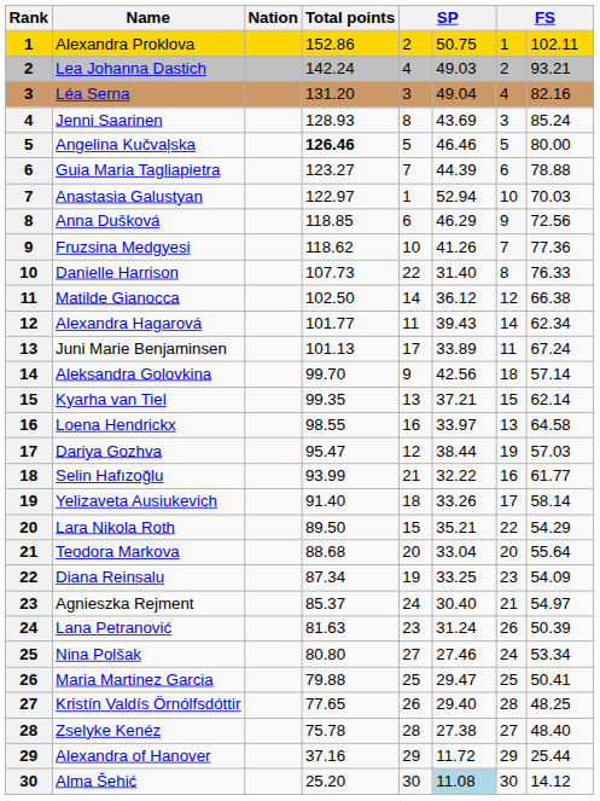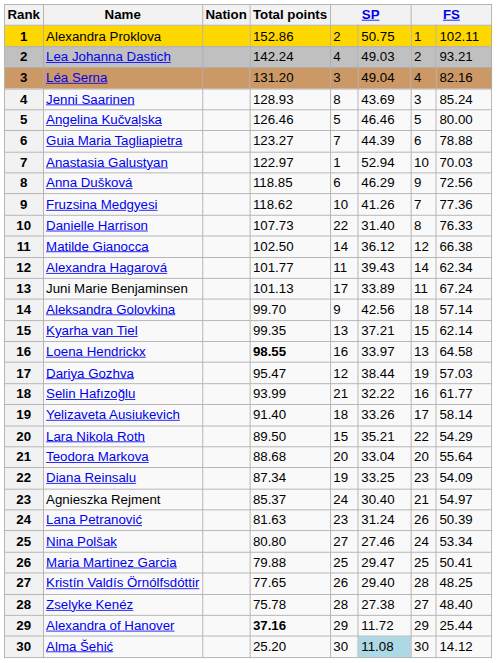 <table class="wikitable sortable">
 <tr>
 <th>Rank</th>
 <th>Name</th>
 <th>Nation</th>
 <th>Total points</th>
 <th colspan="2" width="90px"><a href='#'>SP</a></th>
 <th colspan="2" width="90px"><a href='#'>FS</a></th>
 </tr>
 <tr bgcolor="gold">
 <td align="center"><strong>1</strong></td>
 <td>Alexandra Proklova</td>
 <td></td>
 <td>152.86</td>
 <td>2</td>
 <td>50.75</td>
 <td>1</td>
 <td>102.11</td>
 </tr>
 <tr bgcolor="silver">
 <td align="center"><strong>2</strong></td>
 <td><a href='#'>Lea Johanna Dastich</a></td>
 <td></td>
 <td>142.24</td>
 <td>4</td>
 <td>49.03</td>
 <td>2</td>
 <td>93.21</td>
 </tr>
 <tr bgcolor="#cc9966">
 <td align="center"><strong>3</strong></td>
 <td><a href='#'>Léa Serna</a></td>
 <td></td>
 <td>131.20</td>
 <td>3</td>
 <td>49.04</td>
 <td>4</td>
 <td>82.16</td>
 </tr>
 <tr>
 <th>4</th>
 <td><a href='#'>Jenni Saarinen</a></td>
 <td></td>
 <td>128.93</td>
 <td>8</td>
 <td>43.69</td>
 <td>3</td>
 <td>85.24</td>
 </tr>
 <tr>
 <th>5</th>
 <td><a href='#'>Angelina Kučvaļska</a></td>
 <td></td>
-<td><strong>126.46</strong></td>
+<td>126.46</td>
 <td>5</td>
 <td>46.46</td>
 <td>5</td>
 <td>80.00</td>
 </tr>
 <tr>
 <th>6</th>
 <td><a href='#'>Guia Maria Tagliapietra</a></td>
 <td></td>
 <td>123.27</td>
 <td>7</td>
 <td>44.39</td>
 <td>6</td>
 <td>78.88</td>
 </tr>
 <tr>
 <th>7</th>
 <td><a href='#'>Anastasia Galustyan</a></td>
 <td></td>
 <td>122.97</td>
 <td>1</td>
 <td>52.94</td>
 <td>10</td>
 <td>70.03</td>
 </tr>
 <tr>
 <th>8</th>
 <td><a href='#'>Anna Dušková</a></td>
 <td></td>
 <td>118.85</td>
 <td>6</td>
 <td>46.29</td>
 <td>9</td>
 <td>72.56</td>
 </tr>
 <tr>
 <th>9</th>
 <td><a href='#'>Fruzsina Medgyesi</a></td>
 <td></td>
 <td>118.62</td>
 <td>10</td>
 <td>41.26</td>
 <td>7</td>
 <td>77.36</td>
 </tr>
 <tr>
 <th>10</th>
 <td><a href='#'>Danielle Harrison</a></td>
 <td></td>
 <td>107.73</td>
 <td>22</td>
 <td>31.40</td>
 <td>8</td>
 <td>76.33</td>
 </tr>
 <tr>
 <th>11</th>
 <td><a href='#'>Matilde Gianocca</a></td>
 <td></td>
 <td>102.50</td>
 <td>14</td>
 <td>36.12</td>
 <td>12</td>
 <td>66.38</td>
 </tr>
 <tr>
 <th>12</th>
 <td><a href='#'>Alexandra Hagarová</a></td>
 <td></td>
 <td>101.77</td>
 <td>11</td>
 <td>39.43</td>
 <td>14</td>
 <td>62.34</td>
 </tr>
 <tr>
 <th>13</th>
 <td>Juni Marie Benjaminsen</td>
 <td></td>
 <td>101.13</td>
 <td>17</td>
 <td>33.89</td>
 <td>11</td>
 <td>67.24</td>
 </tr>
 <tr>
 <th>14</th>
 <td><a href='#'>Aleksandra Golovkina</a></td>
 <td></td>
 <td>99.70</td>
 <td>9</td>
 <td>42.56</td>
 <td>18</td>
 <td>57.14</td>
 </tr>
 <tr>
 <th>15</th>
 <td><a href='#'>Kyarha van Tiel</a></td>
 <td></td>
 <td>99.35</td>
 <td>13</td>
 <td>37.21</td>
 <td>15</td>
 <td>62.14</td>
 </tr>
 <tr>
 <th>16</th>
 <td><a href='#'>Loena Hendrickx</a></td>
 <td></td>
-<td>98.55</td>
+<td><strong>98.55</strong></td>
 <td>16</td>
 <td>33.97</td>
 <td>13</td>
 <td>64.58</td>
 </tr>
 <tr>
 <th>17</th>
 <td><a href='#'>Dariya Gozhva</a></td>
 <td></td>
 <td>95.47</td>
 <td>12</td>
 <td>38.44</td>
 <td>19</td>
 <td>57.03</td>
 </tr>
 <tr>
 <th>18</th>
 <td><a href='#'>Selin Hafızoğlu</a></td>
 <td></td>
 <td>93.99</td>
 <td>21</td>
 <td>32.22</td>
 <td>16</td>
 <td>61.77</td>
 </tr>
 <tr>
 <th>19</th>
 <td><a href='#'>Yelizaveta Ausiukevich</a></td>
 <td></td>
 <td>91.40</td>
 <td>18</td>
 <td>33.26</td>
 <td>17</td>
 <td>58.14</td>
 </tr>
 <tr>
 <th>20</th>
 <td><a href='#'>Lara Nikola Roth</a></td>
 <td></td>
 <td>89.50</td>
 <td>15</td>
 <td>35.21</td>
 <td>22</td>
 <td>54.29</td>
 </tr>
 <tr>
 <th>21</th>
 <td><a href='#'>Teodora Markova</a></td>
 <td></td>
 <td>88.68</td>
 <td>20</td>
 <td>33.04</td>
 <td>20</td>
 <td>55.64</td>
 </tr>
 <tr>
 <th>22</th>
 <td><a href='#'>Diana Reinsalu</a></td>
 <td></td>
 <td>87.34</td>
 <td>19</td>
 <td>33.25</td>
 <td>23</td>
 <td>54.09</td>
 </tr>
 <tr>
 <th>23</th>
 <td>Agnieszka Rejment</td>
 <td></td>
 <td>85.37</td>
 <td>24</td>
 <td>30.40</td>
 <td>21</td>
 <td>54.97</td>
 </tr>
 <tr>
 <th>24</th>
 <td><a href='#'>Lana Petranović</a></td>
 <td></td>
 <td>81.63</td>
 <td>23</td>
 <td>31.24</td>
 <td>26</td>
 <td>50.39</td>
 </tr>
 <tr>
 <th>25</th>
 <td><a href='#'>Nina Polšak</a></td>
 <td></td>
 <td>80.80</td>
 <td>27</td>
 <td>27.46</td>
 <td>24</td>
 <td>53.34</td>
 </tr>
 <tr>
 <th>26</th>
 <td><a href='#'>Maria Martinez Garcia</a></td>
 <td></td>
 <td>79.88</td>
 <td>25</td>
 <td>29.47</td>
 <td>25</td>
 <td>50.41</td>
 </tr>
 <tr>
 <th>27</th>
 <td><a href='#'>Kristín Valdís Örnólfsdóttir</a></td>
 <td></td>
 <td>77.65</td>
 <td>26</td>
 <td>29.40</td>
 <td>28</td>
 <td>48.25</td>
 </tr>
 <tr>
 <th>28</th>
 <td><a href='#'>Zselyke Kenéz</a></td>
 <td></td>
 <td>75.78</td>
 <td>28</td>
 <td>27.38</td>
 <td>27</td>
 <td>48.40</td>
 </tr>
 <tr>
 <th>29</th>
 <td><a href='#'>Alexandra of Hanover</a></td>
 <td></td>
-<td>37.16</td>
+<td><strong>37.16</strong></td>
 <td>29</td>
 <td>11.72</td>
 <td>29</td>
 <td>25.44</td>
 </tr>
 <tr>
 <th>30</th>
 <td><a href='#'>Alma Šehić</a></td>
 <td></td>
 <td>25.20</td>
 <td>30</td>
 <td style="background: lightblue;">11.08</td>
 <td>30</td>
 <td>14.12</td>
 </tr>
 </table>
